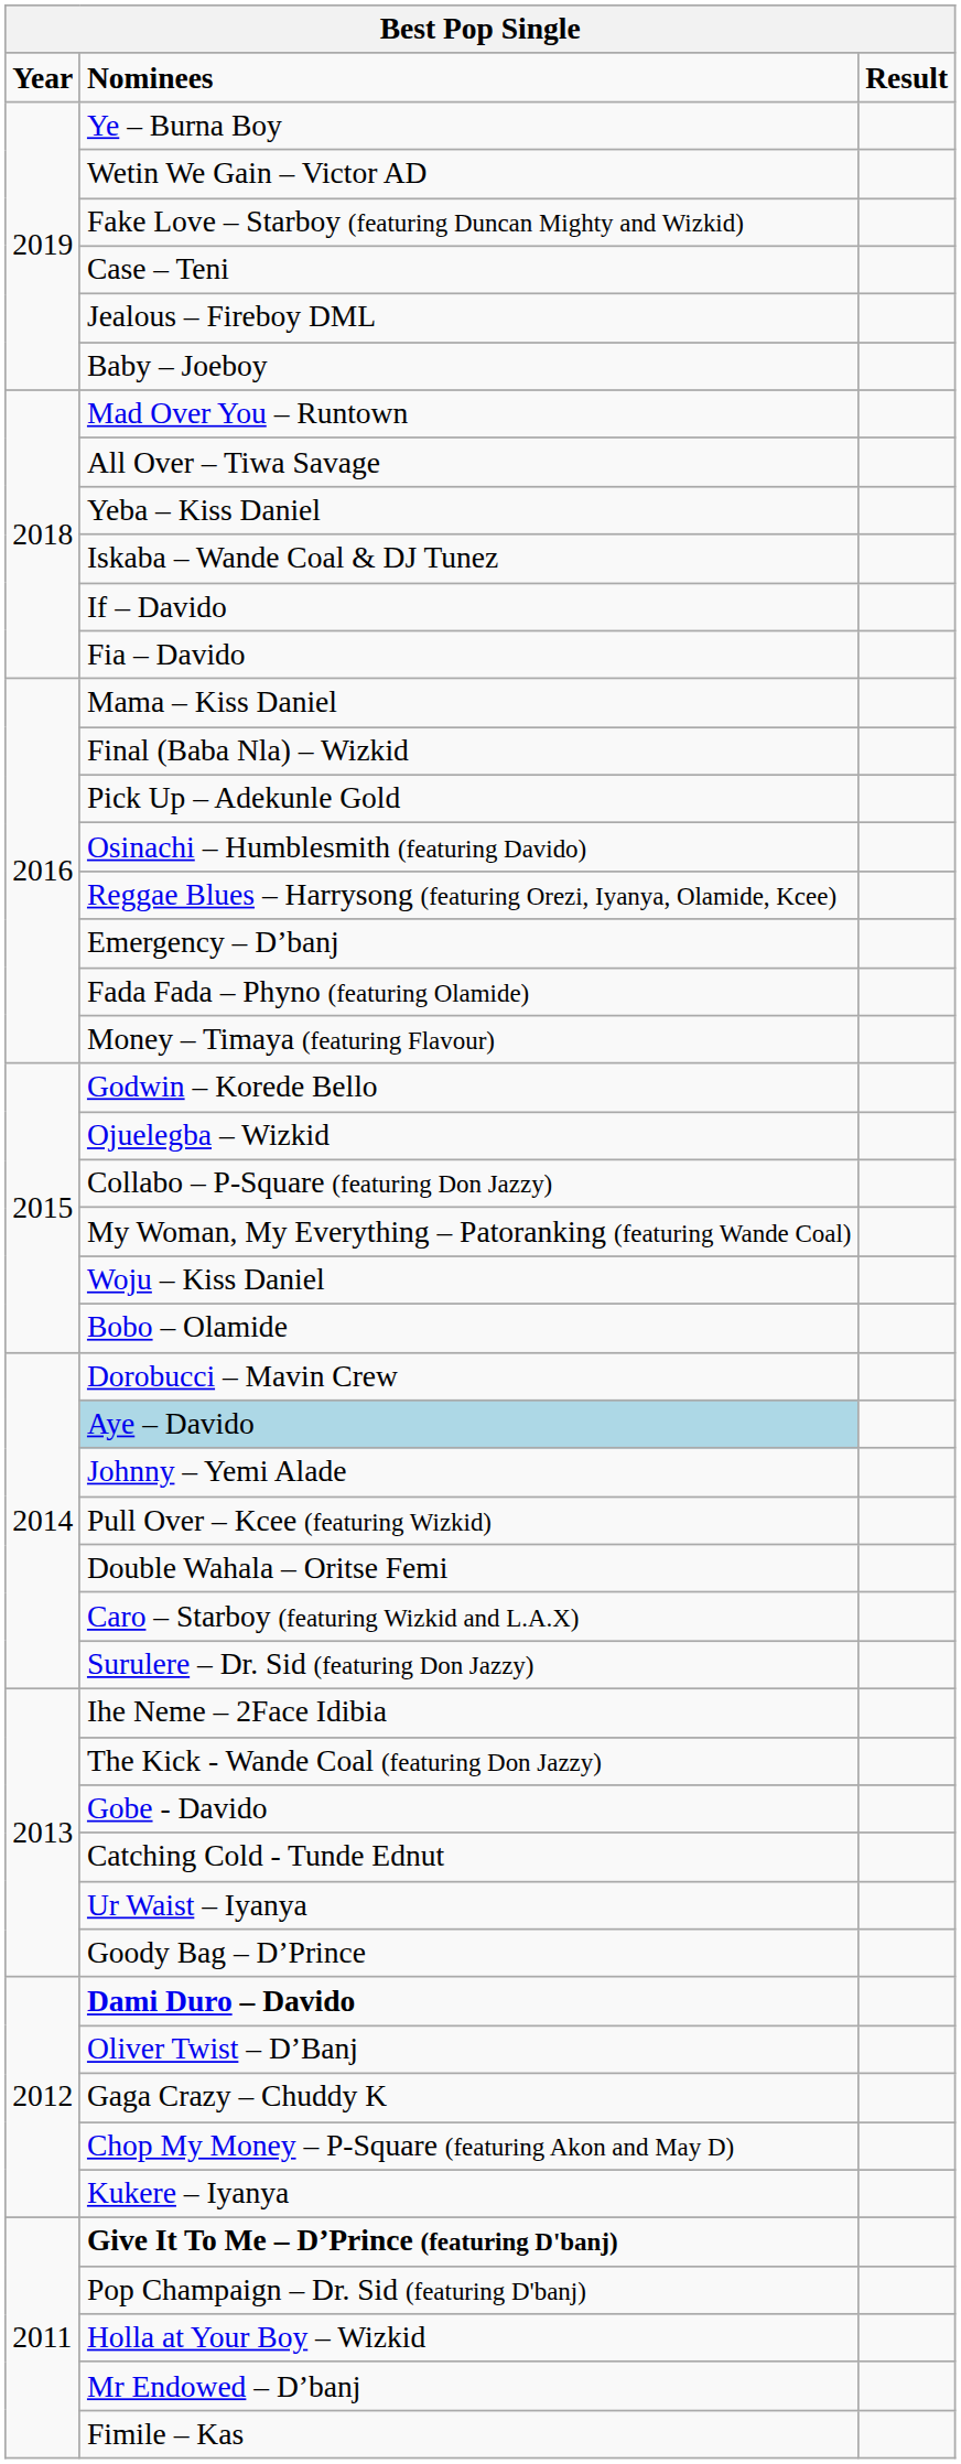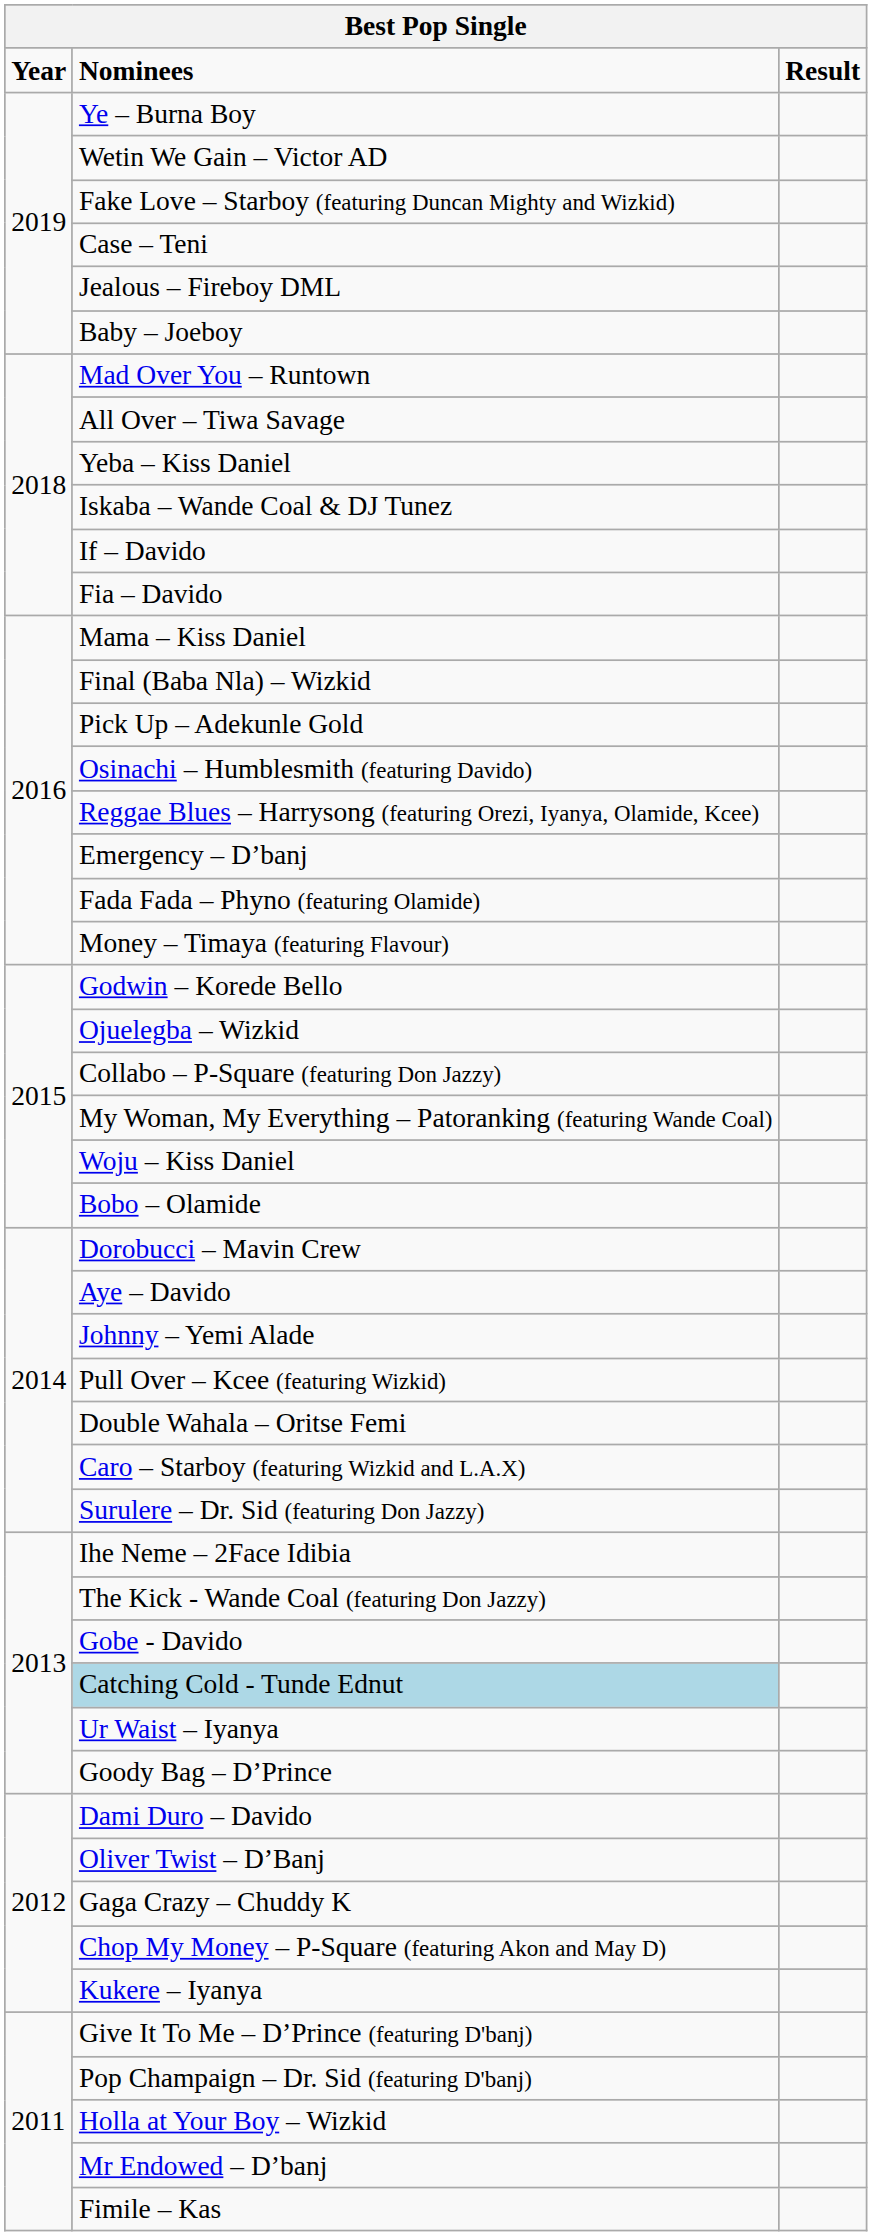 <table class="wikitable">
 <tr>
 <th colspan="3"><strong>Best Pop Single</strong></th>
 </tr>
 <tr>
 <td><strong>Year</strong></td>
 <td><strong>Nominees</strong></td>
 <td><strong>Result</strong></td>
 </tr>
 <tr>
 <td rowspan="6">2019</td>
 <td><a href='#'>Ye</a> – Burna Boy</td>
 <td></td>
 </tr>
 <tr>
 <td>Wetin We Gain – Victor AD</td>
 <td></td>
 </tr>
 <tr>
 <td>Fake Love – Starboy <small>(featuring Duncan Mighty and Wizkid)</small></td>
 <td></td>
 </tr>
 <tr>
 <td>Case – Teni</td>
 <td></td>
 </tr>
 <tr>
 <td>Jealous – Fireboy DML</td>
 <td></td>
 </tr>
 <tr>
 <td>Baby – Joeboy</td>
 <td></td>
 </tr>
 <tr>
 <td rowspan="6">2018</td>
 <td><a href='#'>Mad Over You</a> – Runtown</td>
 <td></td>
 </tr>
 <tr>
 <td>All Over – Tiwa Savage</td>
 <td></td>
 </tr>
 <tr>
 <td>Yeba – Kiss Daniel</td>
 <td></td>
 </tr>
 <tr>
 <td>Iskaba – Wande Coal & DJ Tunez</td>
 <td></td>
 </tr>
 <tr>
 <td>If – Davido</td>
 <td></td>
 </tr>
 <tr>
 <td>Fia – Davido</td>
 <td></td>
 </tr>
 <tr>
 <td rowspan="8">2016</td>
 <td>Mama – Kiss Daniel</td>
 <td></td>
 </tr>
 <tr>
 <td>Final (Baba Nla) – Wizkid</td>
 <td></td>
 </tr>
 <tr>
 <td>Pick Up – Adekunle Gold</td>
 <td></td>
 </tr>
 <tr>
 <td><a href='#'>Osinachi</a> – Humblesmith <small>(featuring Davido)</small></td>
 <td></td>
 </tr>
 <tr>
 <td><a href='#'>Reggae Blues</a> – Harrysong <small>(featuring Orezi, Iyanya, Olamide, Kcee)</small></td>
 <td></td>
 </tr>
 <tr>
 <td>Emergency – D’banj</td>
 <td></td>
 </tr>
 <tr>
 <td>Fada Fada – Phyno <small>(featuring Olamide)</small></td>
 <td></td>
 </tr>
 <tr>
 <td>Money – Timaya <small>(featuring Flavour)</small></td>
 <td></td>
 </tr>
 <tr>
 <td rowspan="6">2015</td>
 <td><a href='#'>Godwin</a> – Korede Bello</td>
 <td></td>
 </tr>
 <tr>
 <td><a href='#'>Ojuelegba</a> – Wizkid</td>
 <td></td>
 </tr>
 <tr>
 <td>Collabo – P-Square <small>(featuring Don Jazzy)</small></td>
 <td></td>
 </tr>
 <tr>
 <td>My Woman, My Everything – Patoranking <small>(featuring Wande Coal)</small></td>
 <td></td>
 </tr>
 <tr>
 <td><a href='#'>Woju</a> – Kiss Daniel</td>
 <td></td>
 </tr>
 <tr>
 <td><a href='#'>Bobo</a> – Olamide</td>
 <td></td>
 </tr>
 <tr>
 <td rowspan="7">2014</td>
 <td><a href='#'>Dorobucci</a> – Mavin Crew</td>
 <td></td>
 </tr>
 <tr>
-<td style="background: lightblue;"><a href='#'>Aye</a> – Davido</td>
+<td><a href='#'>Aye</a> – Davido</td>
 <td></td>
 </tr>
 <tr>
 <td><a href='#'>Johnny</a> – Yemi Alade</td>
 <td></td>
 </tr>
 <tr>
 <td>Pull Over – Kcee <small>(featuring Wizkid)</small></td>
 <td></td>
 </tr>
 <tr>
 <td>Double Wahala – Oritse Femi</td>
 <td></td>
 </tr>
 <tr>
 <td><a href='#'>Caro</a> – Starboy <small>(featuring Wizkid and L.A.X)</small></td>
 <td></td>
 </tr>
 <tr>
 <td><a href='#'>Surulere</a> – Dr. Sid <small>(featuring Don Jazzy)</small></td>
 <td></td>
 </tr>
 <tr>
 <td rowspan="6">2013</td>
 <td>Ihe Neme – 2Face Idibia</td>
 <td></td>
 </tr>
 <tr>
 <td>The Kick - Wande Coal <small>(featuring Don Jazzy)</small></td>
 <td></td>
 </tr>
 <tr>
 <td><a href='#'>Gobe</a> - Davido</td>
 <td></td>
 </tr>
 <tr>
-<td>Catching Cold - Tunde Ednut</td>
+<td style="background: lightblue;">Catching Cold - Tunde Ednut</td>
 <td></td>
 </tr>
 <tr>
 <td><a href='#'>Ur Waist</a> – Iyanya</td>
 <td></td>
 </tr>
 <tr>
 <td>Goody Bag – D’Prince</td>
 <td></td>
 </tr>
 <tr>
 <td rowspan="5">2012</td>
-<td><strong><a href='#'>Dami Duro</a> – Davido</strong></td>
+<td><a href='#'>Dami Duro</a> – Davido</td>
 <td></td>
 </tr>
 <tr>
 <td><a href='#'>Oliver Twist</a> – D’Banj</td>
 <td></td>
 </tr>
 <tr>
 <td>Gaga Crazy – Chuddy K</td>
 <td></td>
 </tr>
 <tr>
 <td><a href='#'>Chop My Money</a> – P-Square <small>(featuring Akon and May D)</small></td>
 <td></td>
 </tr>
 <tr>
 <td><a href='#'>Kukere</a> – Iyanya</td>
 <td></td>
 </tr>
 <tr>
 <td rowspan="5">2011</td>
-<td><strong>Give It To Me – D’Prince <small>(featuring D'banj)</small></strong></td>
+<td>Give It To Me – D’Prince <small>(featuring D'banj)</small></td>
 <td></td>
 </tr>
 <tr>
 <td>Pop Champaign – Dr. Sid <small>(featuring D'banj)</small></td>
 <td></td>
 </tr>
 <tr>
 <td><a href='#'>Holla at Your Boy</a> – Wizkid</td>
 <td></td>
 </tr>
 <tr>
 <td><a href='#'>Mr Endowed</a> – D’banj</td>
 <td></td>
 </tr>
 <tr>
 <td>Fimile – Kas</td>
 <td></td>
 </tr>
 </table>
